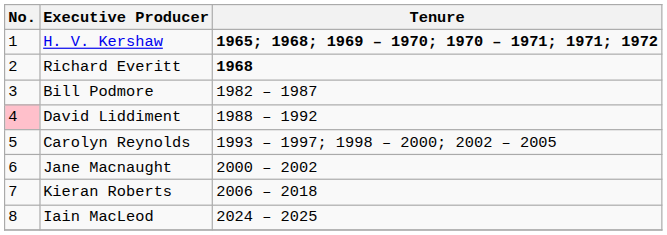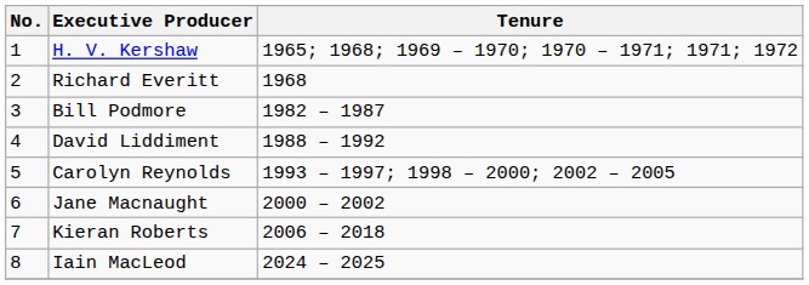 <table class="wikitable">
 <tr>
 <th>No.</th>
 <th>Executive Producer</th>
 <th>Tenure</th>
 </tr>
 <tr>
 <td>1</td>
 <td><a href='#'>H. V. Kershaw</a></td>
-<td><strong>1965; 1968; 1969 – 1970; 1970 – 1971; 1971; 1972</strong></td>
+<td>1965; 1968; 1969 – 1970; 1970 – 1971; 1971; 1972</td>
 </tr>
 <tr>
 <td>2</td>
 <td>Richard Everitt</td>
-<td><strong>1968</strong></td>
+<td>1968</td>
 </tr>
 <tr>
 <td>3</td>
 <td>Bill Podmore</td>
 <td>1982 – 1987</td>
 </tr>
 <tr>
-<td style="background: pink;">4</td>
+<td>4</td>
 <td>David Liddiment</td>
 <td>1988 – 1992</td>
 </tr>
 <tr>
 <td>5</td>
 <td>Carolyn Reynolds</td>
 <td>1993 – 1997; 1998 – 2000; 2002 – 2005</td>
 </tr>
 <tr>
 <td>6</td>
 <td>Jane Macnaught</td>
 <td>2000 – 2002</td>
 </tr>
 <tr>
 <td>7</td>
 <td>Kieran Roberts</td>
 <td>2006 – 2018</td>
 </tr>
 <tr>
 <td>8</td>
 <td>Iain MacLeod</td>
 <td>2024 – 2025</td>
 </tr>
 <tr>
 </tr>
 </table>
